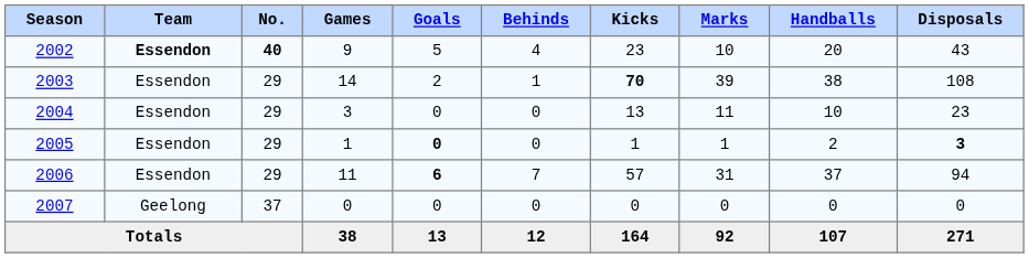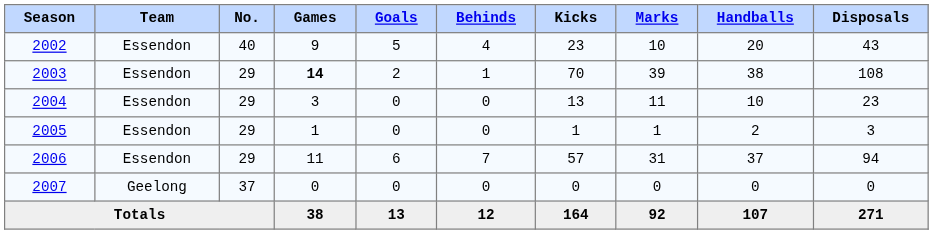 <table border="1" cellpadding="4" cellspacing="0" style="text-align:center; font-size:90%; border-collapse:collapse;" width=60%>
 <tr style="background:#C1D8FF;">
 <th width=3%>Season</th>
 <th width=5%>Team</th>
 <th width=2%>No.</th>
 <th width=3%>Games</th>
 <th width=3%><a href='#'>Goals</a></th>
 <th width=3%><a href='#'>Behinds</a></th>
 <th width=3%>Kicks</th>
 <th width=3%><a href='#'>Marks</a></th>
 <th width=3%><a href='#'>Handballs</a></th>
 <th width=3%>Disposals</th>
 </tr>
 <tr style="background:#F5FAFF;">
 <td><a href='#'>2002</a></td>
-<td><strong>Essendon</strong></td>
-<td><strong>40</strong></td>
+<td>Essendon</td>
+<td>40</td>
 <td>9</td>
 <td>5</td>
 <td>4</td>
 <td>23</td>
 <td>10</td>
 <td>20</td>
 <td>43</td>
 </tr>
 <tr style="background:#F5FAFF;">
 <td><a href='#'>2003</a></td>
 <td>Essendon</td>
 <td>29</td>
-<td>14</td>
+<td><strong>14</strong></td>
 <td>2</td>
 <td>1</td>
-<td><strong>70</strong></td>
+<td>70</td>
 <td>39</td>
 <td>38</td>
 <td>108</td>
 </tr>
 <tr style="background:#F5FAFF;">
 <td><a href='#'>2004</a></td>
 <td>Essendon</td>
 <td>29</td>
 <td>3</td>
 <td>0</td>
 <td>0</td>
 <td>13</td>
 <td>11</td>
 <td>10</td>
 <td>23</td>
 </tr>
 <tr style="background:#F5FAFF;">
 <td><a href='#'>2005</a></td>
 <td>Essendon</td>
 <td>29</td>
 <td>1</td>
-<td><strong>0</strong></td>
+<td>0</td>
 <td>0</td>
 <td>1</td>
 <td>1</td>
 <td>2</td>
-<td><strong>3</strong></td>
+<td>3</td>
 </tr>
 <tr style="background:#F5FAFF;">
 <td><a href='#'>2006</a></td>
 <td>Essendon</td>
 <td>29</td>
 <td>11</td>
-<td><strong>6</strong></td>
+<td>6</td>
 <td>7</td>
 <td>57</td>
 <td>31</td>
 <td>37</td>
 <td>94</td>
 </tr>
 <tr style="background:#F5FAFF;">
 <td><a href='#'>2007</a></td>
 <td>Geelong</td>
 <td>37</td>
 <td>0</td>
 <td>0</td>
 <td>0</td>
 <td>0</td>
 <td>0</td>
 <td>0</td>
 <td>0</td>
 </tr>
 <tr style="background:#EFEFEF;">
 <th colspan=3>Totals</th>
 <td><strong>38</strong></td>
 <td><strong>13</strong></td>
 <td><strong>12</strong></td>
 <td><strong>164</strong></td>
 <td><strong>92</strong></td>
 <td><strong>107</strong></td>
 <td><strong>271</strong></td>
 </tr>
 </table>
